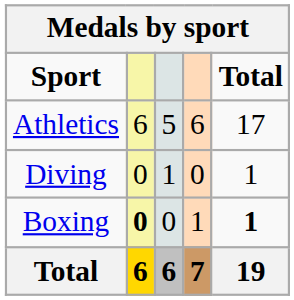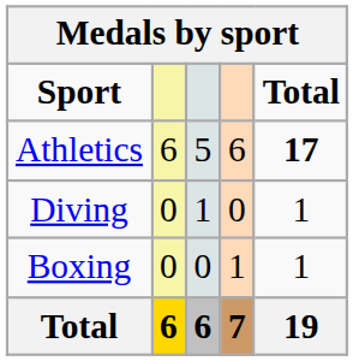 <table class="wikitable" style="font-size:85%; float:right;">
 <tr style="background:#efefef;">
 <th colspan=7><strong>Medals by sport</strong></th>
 </tr>
 <tr align=center>
 <td><strong>Sport</strong></td>
 <td style="background:#f7f6a8;"></td>
 <td style="background:#dce5e5;"></td>
 <td style="background:#ffdab9;"></td>
 <td><strong>Total</strong></td>
 </tr>
 <tr align=center>
 <td><a href='#'>Athletics</a></td>
 <td style="background:#f7f6a8;">6</td>
 <td style="background:#dce5e5;">5</td>
 <td style="background:#ffdab9;">6</td>
-<td>17</td>
+<td><strong>17</strong></td>
 </tr>
 <tr align=center>
 <td><a href='#'>Diving</a></td>
 <td style="background:#f7f6a8;">0</td>
 <td style="background:#dce5e5;">1</td>
 <td style="background:#ffdab9;">0</td>
 <td>1</td>
 </tr>
 <tr align=center>
 <td><a href='#'>Boxing</a></td>
-<td style="background:#f7f6a8;"><strong>0</strong></td>
+<td style="background:#f7f6a8;">0</td>
 <td style="background:#dce5e5;">0</td>
 <td style="background:#ffdab9;">1</td>
-<td><strong>1</strong></td>
+<td>1</td>
 </tr>
 <tr align=center>
 <th><strong>Total</strong></th>
 <th style="background:gold;"><strong>6</strong></th>
 <th style="background:silver;"><strong>6</strong></th>
 <th style="background:#c96;"><strong>7</strong></th>
 <th><strong>19</strong></th>
 </tr>
 </table>
